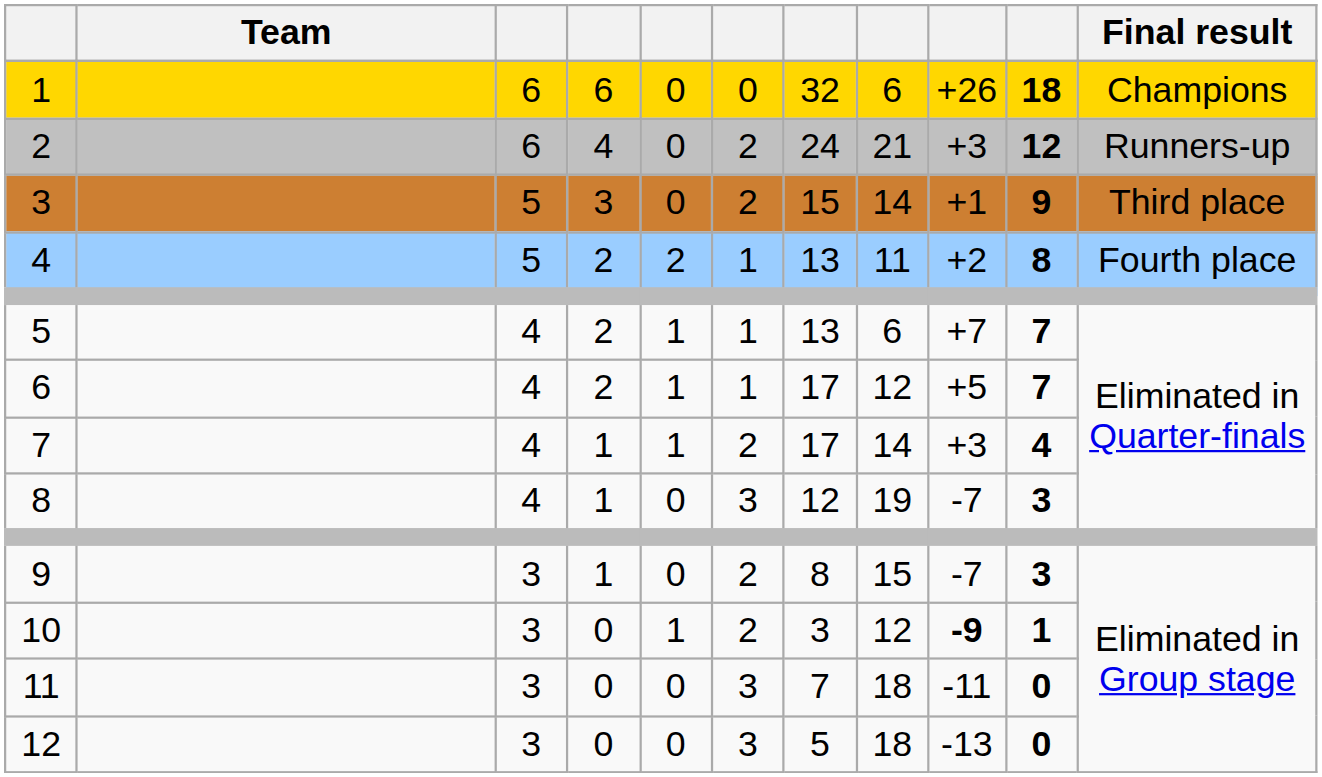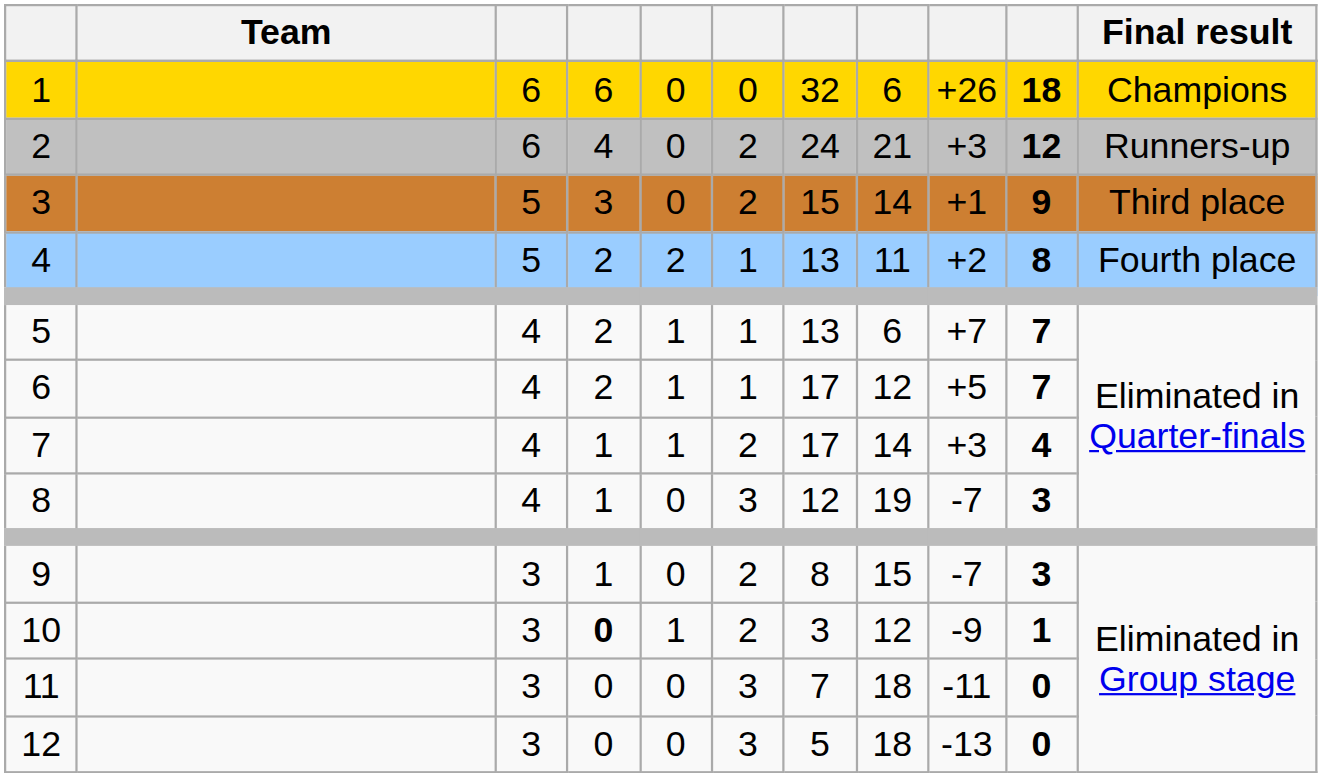 <table class=wikitable style="text-align:center">
 <tr>
 <th width="25"></th>
 <th width="180">Team</th>
 <th width="25"></th>
 <th width="25"></th>
 <th width="25"></th>
 <th width="25"></th>
 <th width="25"></th>
 <th width="25"></th>
 <th width="25"></th>
 <th width="25"></th>
 <th width="100">Final result</th>
 </tr>
 <tr>
 </tr>
 <tr style="background: #FFD700;">
 <td>1</td>
 <td align=left></td>
 <td>6</td>
 <td>6</td>
 <td>0</td>
 <td>0</td>
 <td>32</td>
 <td>6</td>
 <td>+26</td>
 <td><strong>18</strong></td>
 <td>Champions</td>
 </tr>
 <tr style="background: #C0C0C0;">
 <td>2</td>
 <td align=left></td>
 <td>6</td>
 <td>4</td>
 <td>0</td>
 <td>2</td>
 <td>24</td>
 <td>21</td>
 <td>+3</td>
 <td><strong>12</strong></td>
 <td>Runners-up</td>
 </tr>
 <tr style="background: #CD7F32;">
 <td>3</td>
 <td align=left></td>
 <td>5</td>
 <td>3</td>
 <td>0</td>
 <td>2</td>
 <td>15</td>
 <td>14</td>
 <td>+1</td>
 <td><strong>9</strong></td>
 <td>Third place</td>
 </tr>
 <tr bgcolor=#9acdff>
 <td>4</td>
 <td align=left></td>
 <td>5</td>
 <td>2</td>
 <td>2</td>
 <td>1</td>
 <td>13</td>
 <td>11</td>
 <td>+2</td>
 <td><strong>8</strong></td>
 <td>Fourth place</td>
 </tr>
 <tr style="border-top:8px solid #BBBBBB;">
 <td>5</td>
 <td align=left></td>
 <td>4</td>
 <td>2</td>
 <td>1</td>
 <td>1</td>
 <td>13</td>
 <td>6</td>
 <td>+7</td>
 <td><strong>7</strong></td>
 <td rowspan=4>Eliminated in <a href='#'>Quarter-finals</a></td>
 </tr>
 <tr>
 <td>6</td>
 <td align=left></td>
 <td>4</td>
 <td>2</td>
 <td>1</td>
 <td>1</td>
 <td>17</td>
 <td>12</td>
 <td>+5</td>
 <td><strong>7</strong></td>
 </tr>
 <tr>
 <td>7</td>
 <td align=left></td>
 <td>4</td>
 <td>1</td>
 <td>1</td>
 <td>2</td>
 <td>17</td>
 <td>14</td>
 <td>+3</td>
 <td><strong>4</strong></td>
 </tr>
 <tr>
 <td>8</td>
 <td align=left></td>
 <td>4</td>
 <td>1</td>
 <td>0</td>
 <td>3</td>
 <td>12</td>
 <td>19</td>
 <td>-7</td>
 <td><strong>3</strong></td>
 </tr>
 <tr style="border-top:8px solid #BBBBBB;">
 <td>9</td>
 <td align=left></td>
 <td>3</td>
 <td>1</td>
 <td>0</td>
 <td>2</td>
 <td>8</td>
 <td>15</td>
 <td>-7</td>
 <td><strong>3</strong></td>
 <td rowspan=4>Eliminated in <a href='#'>Group stage</a></td>
 </tr>
 <tr>
 <td>10</td>
 <td align=left></td>
 <td>3</td>
-<td>0</td>
+<td><strong>0</strong></td>
 <td>1</td>
 <td>2</td>
 <td>3</td>
 <td>12</td>
-<td><strong>-9</strong></td>
+<td>-9</td>
 <td><strong>1</strong></td>
 </tr>
 <tr>
 <td>11</td>
 <td align=left></td>
 <td>3</td>
 <td>0</td>
 <td>0</td>
 <td>3</td>
 <td>7</td>
 <td>18</td>
 <td>-11</td>
 <td><strong>0</strong></td>
 </tr>
 <tr>
 <td>12</td>
 <td align=left></td>
 <td>3</td>
 <td>0</td>
 <td>0</td>
 <td>3</td>
 <td>5</td>
 <td>18</td>
 <td>-13</td>
 <td><strong>0</strong></td>
 </tr>
 </table>
